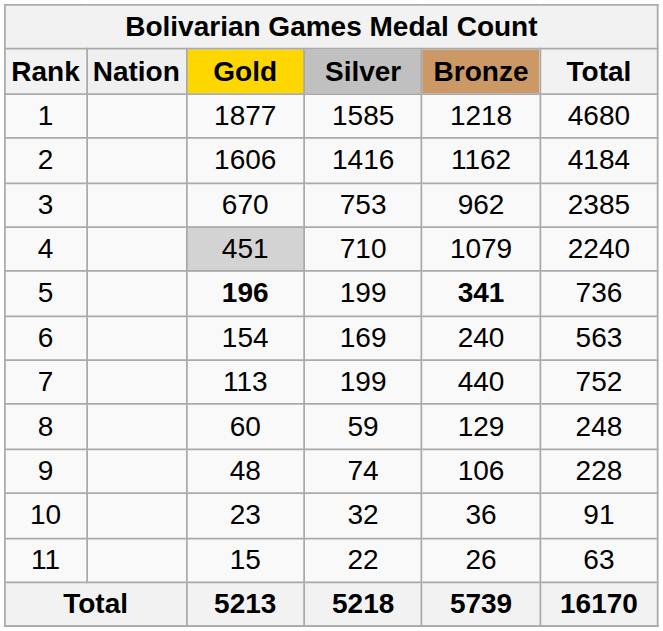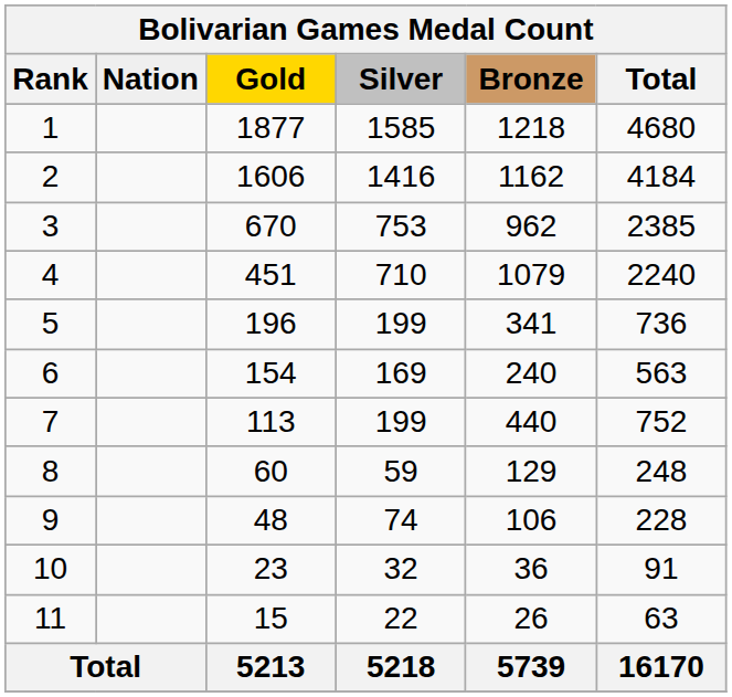 <table class="wikitable" style="text-align:center">
 <tr>
 <th colspan=6>Bolivarian Games Medal Count</th>
 </tr>
 <tr bgcolor="#efefef">
 <th>Rank</th>
 <td align=left><strong>Nation</strong></td>
 <td bgcolor="gold" align=center width=60><strong>Gold</strong></td>
 <td bgcolor="silver" align=center width=60><strong>Silver</strong></td>
 <td bgcolor="CC9966" align=center width=60><strong>Bronze</strong></td>
 <th width=60>Total</th>
 </tr>
 <tr>
 <td align=center>1</td>
 <td align=left></td>
 <td>1877</td>
 <td>1585</td>
 <td>1218</td>
 <td>4680</td>
 </tr>
 <tr>
 <td align=center>2</td>
 <td align=left></td>
 <td>1606</td>
 <td>1416</td>
 <td>1162</td>
 <td>4184</td>
 </tr>
 <tr>
 <td align=center>3</td>
 <td align=left></td>
 <td>670</td>
 <td>753</td>
 <td>962</td>
 <td>2385</td>
 </tr>
 <tr>
 <td align=center>4</td>
 <td align=left></td>
-<td style="background: lightgrey;">451</td>
+<td>451</td>
 <td>710</td>
 <td>1079</td>
 <td>2240</td>
 </tr>
 <tr>
 <td align=center>5</td>
 <td align=left></td>
-<td><strong>196</strong></td>
+<td>196</td>
 <td>199</td>
-<td><strong>341</strong></td>
+<td>341</td>
 <td>736</td>
 </tr>
 <tr>
 <td align=center>6</td>
 <td align=left></td>
 <td>154</td>
 <td>169</td>
 <td>240</td>
 <td>563</td>
 </tr>
 <tr>
 <td align=center>7</td>
 <td align=left></td>
 <td>113</td>
 <td>199</td>
 <td>440</td>
 <td>752</td>
 </tr>
 <tr>
 <td align=center>8</td>
 <td align=left></td>
 <td>60</td>
 <td>59</td>
 <td>129</td>
 <td>248</td>
 </tr>
 <tr>
 <td align=center>9</td>
 <td align=left></td>
 <td>48</td>
 <td>74</td>
 <td>106</td>
 <td>228</td>
 </tr>
 <tr>
 <td align=center>10</td>
 <td align=left></td>
 <td>23</td>
 <td>32</td>
 <td>36</td>
 <td>91</td>
 </tr>
 <tr>
 <td align=center>11</td>
 <td align=left></td>
 <td>15</td>
 <td>22</td>
 <td>26</td>
 <td>63</td>
 </tr>
 <tr>
 <th colspan="2">Total</th>
 <th>5213</th>
 <th>5218</th>
 <th>5739</th>
 <th>16170</th>
 </tr>
 <tr>
 </tr>
 </table>
